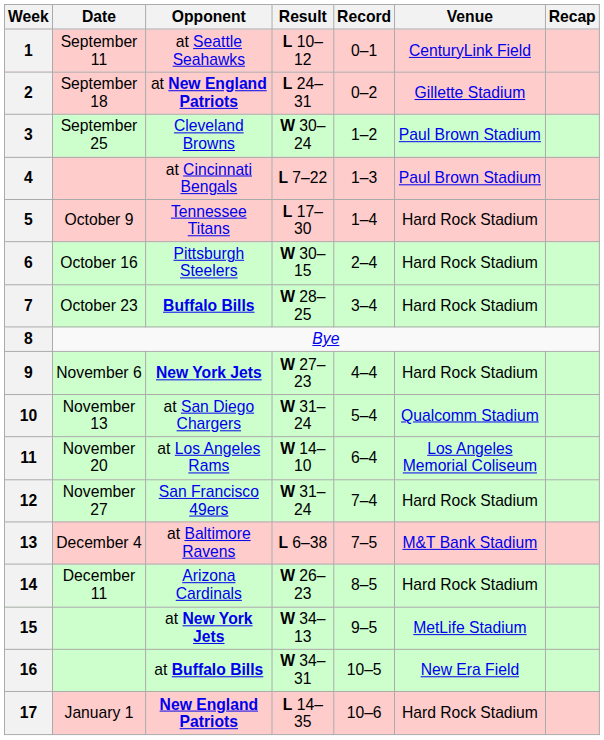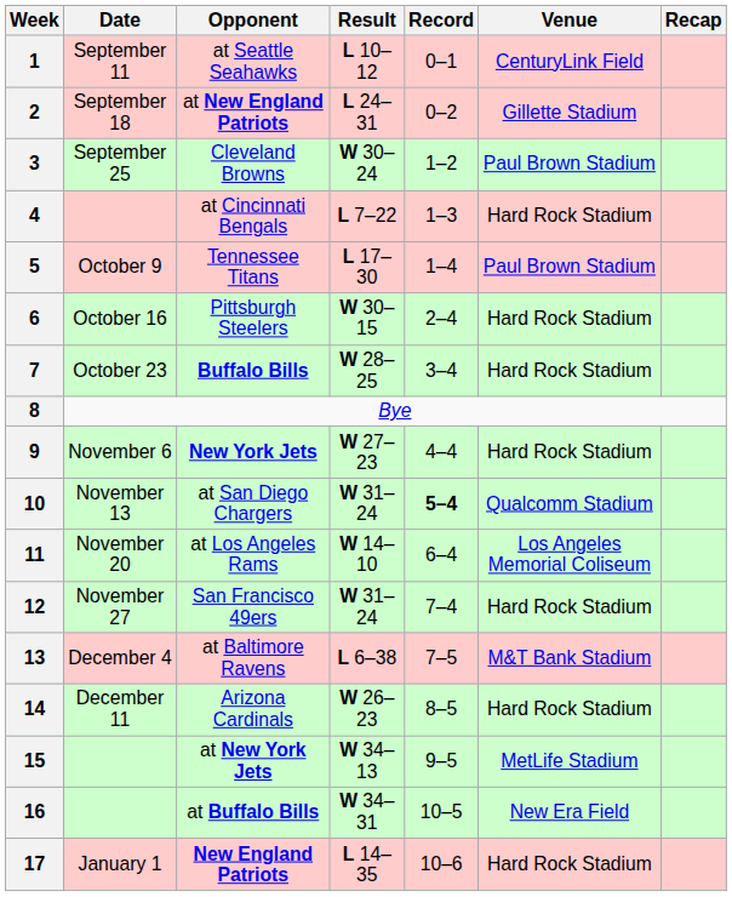 <table class="wikitable" style="text-align:center">
 <tr>
 <th>Week</th>
 <th>Date</th>
 <th>Opponent</th>
 <th>Result</th>
 <th>Record</th>
 <th>Venue</th>
 <th>Recap</th>
 </tr>
 <tr style="background:#fcc">
 <th>1</th>
 <td>September 11</td>
 <td>at <a href='#'>Seattle Seahawks</a></td>
 <td><strong>L</strong> 10–12</td>
 <td>0–1</td>
 <td><a href='#'>CenturyLink Field</a></td>
 <td></td>
 </tr>
 <tr style="background:#fcc">
 <th>2</th>
 <td>September 18</td>
 <td>at <strong><a href='#'>New England Patriots</a></strong></td>
 <td><strong>L</strong> 24–31</td>
 <td>0–2</td>
 <td><a href='#'>Gillette Stadium</a></td>
 <td></td>
 </tr>
 <tr style="background:#cfc">
 <th>3</th>
 <td>September 25</td>
 <td><a href='#'>Cleveland Browns</a></td>
 <td><strong>W</strong> 30–24 </td>
 <td>1–2</td>
 <td><a href='#'>Paul Brown Stadium</a></td>
 <td></td>
 </tr>
 <tr style="background:#fcc">
 <th>4</th>
 <td></td>
 <td>at <a href='#'>Cincinnati Bengals</a></td>
 <td><strong>L</strong> 7–22</td>
 <td>1–3</td>
-<td><a href='#'>Paul Brown Stadium</a></td>
+<td>Hard Rock Stadium</td>
 <td></td>
 </tr>
 <tr style="background:#fcc">
 <th>5</th>
 <td>October 9</td>
 <td><a href='#'>Tennessee Titans</a></td>
 <td><strong>L</strong> 17–30</td>
 <td>1–4</td>
-<td>Hard Rock Stadium</td>
+<td><a href='#'>Paul Brown Stadium</a></td>
 <td></td>
 </tr>
 <tr style="background:#cfc">
 <th>6</th>
 <td>October 16</td>
 <td><a href='#'>Pittsburgh Steelers</a></td>
 <td><strong>W</strong> 30–15</td>
 <td>2–4</td>
 <td>Hard Rock Stadium</td>
 <td></td>
 </tr>
 <tr style="background:#cfc">
 <th>7</th>
 <td>October 23</td>
 <td><strong><a href='#'>Buffalo Bills</a></strong></td>
 <td><strong>W</strong> 28–25</td>
 <td>3–4</td>
 <td>Hard Rock Stadium</td>
 <td></td>
 </tr>
 <tr>
 <th>8</th>
 <td colspan="6"><em><a href='#'>Bye</a></em></td>
 </tr>
 <tr style="background:#cfc">
 <th>9</th>
 <td>November 6</td>
 <td><strong><a href='#'>New York Jets</a></strong></td>
 <td><strong>W</strong> 27–23</td>
 <td>4–4</td>
 <td>Hard Rock Stadium</td>
 <td></td>
 </tr>
 <tr style="background:#cfc">
 <th>10</th>
 <td>November 13</td>
 <td>at <a href='#'>San Diego Chargers</a></td>
 <td><strong>W</strong> 31–24</td>
-<td>5–4</td>
+<td><strong>5–4</strong></td>
 <td><a href='#'>Qualcomm Stadium</a></td>
 <td></td>
 </tr>
 <tr style="background:#cfc">
 <th>11</th>
 <td>November 20</td>
 <td>at <a href='#'>Los Angeles Rams</a></td>
 <td><strong>W</strong> 14–10</td>
 <td>6–4</td>
 <td><a href='#'>Los Angeles Memorial Coliseum</a></td>
 <td></td>
 </tr>
 <tr style="background:#cfc">
 <th>12</th>
 <td>November 27</td>
 <td><a href='#'>San Francisco 49ers</a></td>
 <td><strong>W</strong> 31–24</td>
 <td>7–4</td>
 <td>Hard Rock Stadium</td>
 <td></td>
 </tr>
 <tr style="background:#fcc">
 <th>13</th>
 <td>December 4</td>
 <td>at <a href='#'>Baltimore Ravens</a></td>
 <td><strong>L</strong> 6–38</td>
 <td>7–5</td>
 <td><a href='#'>M&T Bank Stadium</a></td>
 <td></td>
 </tr>
 <tr style="background:#cfc">
 <th>14</th>
 <td>December 11</td>
 <td><a href='#'>Arizona Cardinals</a></td>
 <td><strong>W</strong> 26–23</td>
 <td>8–5</td>
 <td>Hard Rock Stadium</td>
 <td></td>
 </tr>
 <tr style="background:#cfc">
 <th>15</th>
 <td></td>
 <td>at <strong><a href='#'>New York Jets</a></strong></td>
 <td><strong>W</strong> 34–13</td>
 <td>9–5</td>
 <td><a href='#'>MetLife Stadium</a></td>
 <td></td>
 </tr>
 <tr style="background:#cfc">
 <th>16</th>
 <td></td>
 <td>at <strong><a href='#'>Buffalo Bills</a></strong></td>
 <td><strong>W</strong> 34–31 </td>
 <td>10–5</td>
 <td><a href='#'>New Era Field</a></td>
 <td></td>
 </tr>
 <tr style="background:#fcc">
 <th>17</th>
 <td>January 1</td>
 <td><strong><a href='#'>New England Patriots</a></strong></td>
 <td><strong>L</strong> 14–35</td>
 <td>10–6</td>
 <td>Hard Rock Stadium</td>
 <td></td>
 </tr>
 </table>
